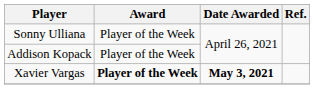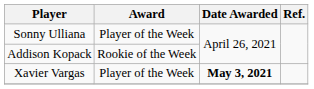 <table class="wikitable sortable sortable" style="text-align: center">
 <tr align=center>
 <th>Player</th>
 <th>Award</th>
 <th>Date Awarded</th>
 <th>Ref.</th>
 </tr>
 <tr>
 <td>Sonny Ulliana</td>
 <td>Player of the Week</td>
 <td rowspan="2">April 26, 2021</td>
 <td rowspan="2"></td>
 </tr>
 <tr>
 <td>Addison Kopack</td>
-<td>Player of the Week</td>
+<td>Rookie of the Week</td>
 </tr>
 <tr>
 <td>Xavier Vargas</td>
-<td><strong>Player of the Week</strong></td>
+<td>Player of the Week</td>
 <td><strong>May 3, 2021</strong></td>
 <td></td>
 </tr>
 <tr>
 </tr>
 </table>
